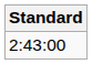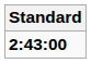 <table class="wikitable" border="1" align="upright">
 <tr>
 <th>Standard</th>
 </tr>
 <tr>
-<td>2:43:00</td>
+<td><strong>2:43:00</strong></td>
 </tr>
 </table>
